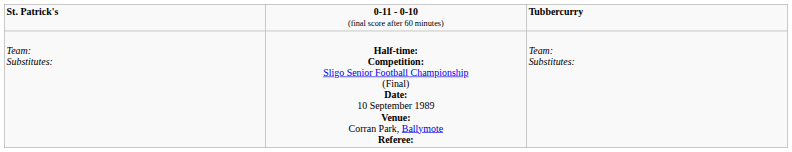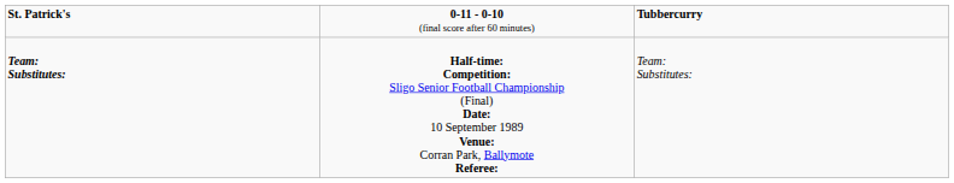 <table border=0 class="wikitable" width=100%>
 <tr>
 <td width=33% valign=top><span><strong>St. Patrick's</strong></span><br><small></small></td>
 <td width=33% valign=top align=center><span><strong>0-11 - 0-10</strong></span><br><small>(final score after 60 minutes)</small></td>
 <td width=33% valign=top><span><strong>Tubbercurry</strong></span><br><small></small></td>
 </tr>
 <tr>
-<td valign=top><br><em>Team:</em> <br><em>Substitutes:</em> <br></td>
+<td valign=top><strong><br><em>Team:</em> <br><em>Substitutes:</em> <br></strong></td>
 <td valign=middle align=center><br><strong>Half-time:</strong><br><strong>Competition:</strong><br><a href='#'>Sligo Senior Football Championship</a><br>(Final)<br><strong>Date:</strong><br>10 September 1989<br><strong>Venue:</strong><br>Corran Park, <a href='#'>Ballymote</a><br><strong>Referee:</strong><br></td>
 <td valign=top><br><em>Team:</em> <br><em>Substitutes:</em> <br></td>
 </tr>
 </table>
